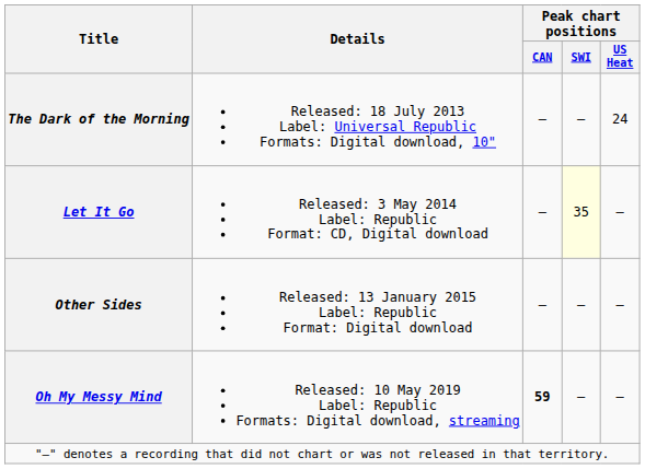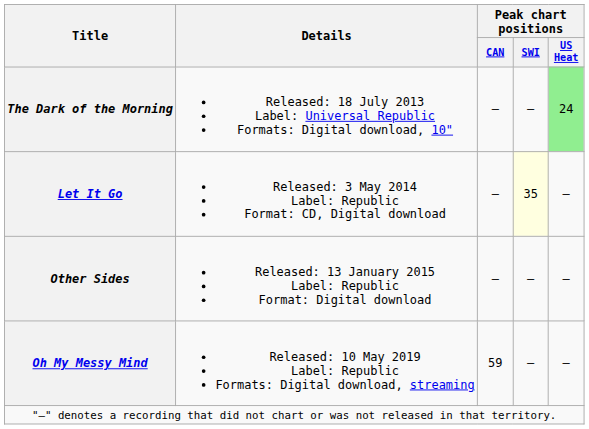 <table class="wikitable plainrowheaders" style="text-align:center;">
 <tr>
 <th scope="col" rowspan="2">Title</th>
 <th scope="col" rowspan="2">Details</th>
 <th scope="col" colspan="3">Peak chart positions</th>
 </tr>
 <tr>
 <th scope="col" style="width:3em;font-size:85%;"><a href='#'>CAN</a><br></th>
 <th scope="col" style="width:3em;font-size:85%;"><a href='#'>SWI</a><br></th>
 <th scope="col" style="width:3em;font-size:85%;"><a href='#'>US<br>Heat</a><br></th>
 </tr>
 <tr>
 <th scope="row"><em>The Dark of the Morning</em></th>
 <td><br><ul><li>Released: 18 July 2013</li><li>Label: <a href='#'>Universal Republic</a></li><li>Formats: Digital download, <a href='#'>10"</a></li></ul></td>
 <td>—</td>
 <td>—</td>
-<td>24</td>
+<td style="background: lightgreen;">24</td>
 </tr>
 <tr>
 <th scope="row"><em><a href='#'>Let It Go</a></em></th>
 <td><br><ul><li>Released: 3 May 2014</li><li>Label: Republic</li><li>Format: CD, Digital download</li></ul></td>
 <td>—</td>
 <td style="background: lightyellow;">35</td>
 <td>—</td>
 </tr>
 <tr>
 <th scope="row"><em>Other Sides</em></th>
 <td><br><ul><li>Released: 13 January 2015</li><li>Label: Republic</li><li>Format: Digital download</li></ul></td>
 <td>—</td>
 <td>—</td>
 <td>—</td>
 </tr>
 <tr>
 <th scope="row"><em><a href='#'>Oh My Messy Mind</a></em></th>
 <td><br><ul><li>Released: 10 May 2019</li><li>Label: Republic</li><li>Formats: Digital download, <a href='#'>streaming</a></li></ul></td>
-<td><strong>59</strong></td>
+<td>59</td>
 <td>—</td>
 <td>—</td>
 </tr>
 <tr>
 <td colspan="18" style="font-size:90%">"—" denotes a recording that did not chart or was not released in that territory.</td>
 </tr>
 </table>
